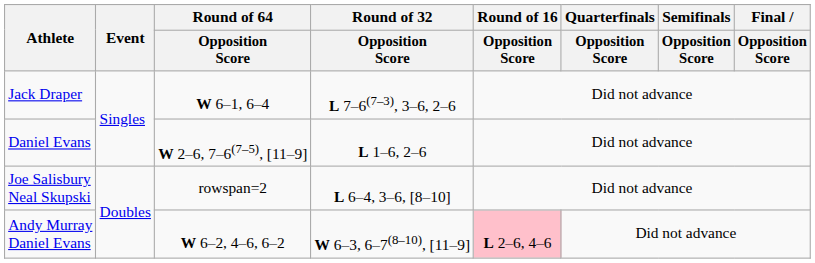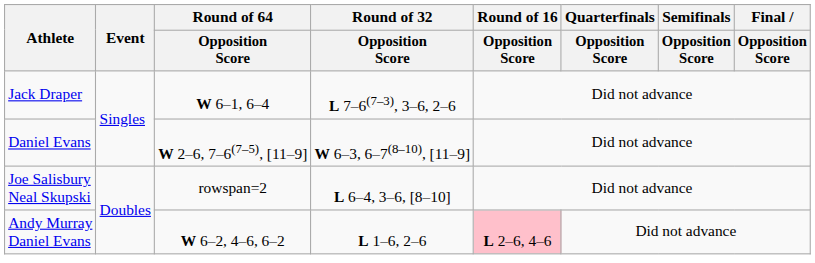 <table class=wikitable style="font-size:90%">
 <tr>
 <th rowspan="2">Athlete</th>
 <th rowspan="2">Event</th>
 <th>Round of 64</th>
 <th>Round of 32</th>
 <th>Round of 16</th>
 <th>Quarterfinals</th>
 <th>Semifinals</th>
 <th>Final / </th>
 </tr>
 <tr style="font-size:95%">
 <th>Opposition<br>Score</th>
 <th>Opposition<br>Score</th>
 <th>Opposition<br>Score</th>
 <th>Opposition<br>Score</th>
 <th>Opposition<br>Score</th>
 <th>Opposition<br>Score</th>
 </tr>
 <tr align=center>
 <td align=left><a href='#'>Jack Draper</a></td>
 <td rowspan="2" align="left"><a href='#'>Singles</a></td>
 <td><br><strong>W</strong> 6–1, 6–4</td>
 <td><br><strong>L</strong> 7–6<sup>(7–3)</sup>, 3–6, 2–6</td>
 <td colspan="4">Did not advance</td>
 </tr>
 <tr align=center>
 <td align=left><a href='#'>Daniel Evans</a></td>
 <td><br><strong>W</strong> 2–6, 7–6<sup>(7–5)</sup>, [11–9]</td>
-<td><br><strong>L</strong> 1–6, 2–6</td>
+<td><br><strong>W</strong> 6–3, 6–7<sup>(8–10)</sup>, [11–9]</td>
 <td colspan="4">Did not advance</td>
 </tr>
 <tr align="center">
 <td align="left"><a href='#'>Joe Salisbury</a><br><a href='#'>Neal Skupski</a></td>
 <td rowspan="2" align="left"><a href='#'>Doubles</a></td>
 <td>rowspan=2</td>
 <td><br><strong>L</strong> 6–4, 3–6, [8–10]</td>
 <td colspan="4">Did not advance</td>
 </tr>
 <tr align="center">
 <td align="left"><a href='#'>Andy Murray</a><br><a href='#'>Daniel Evans</a></td>
 <td><br><strong>W</strong> 6–2, 4–6, 6–2</td>
-<td><br><strong>W</strong> 6–3, 6–7<sup>(8–10)</sup>, [11–9]</td>
+<td><br><strong>L</strong> 1–6, 2–6</td>
 <td style="background: pink;"><br><strong>L</strong> 2–6, 4–6</td>
 <td colspan=3>Did not advance</td>
 </tr>
 </table>
